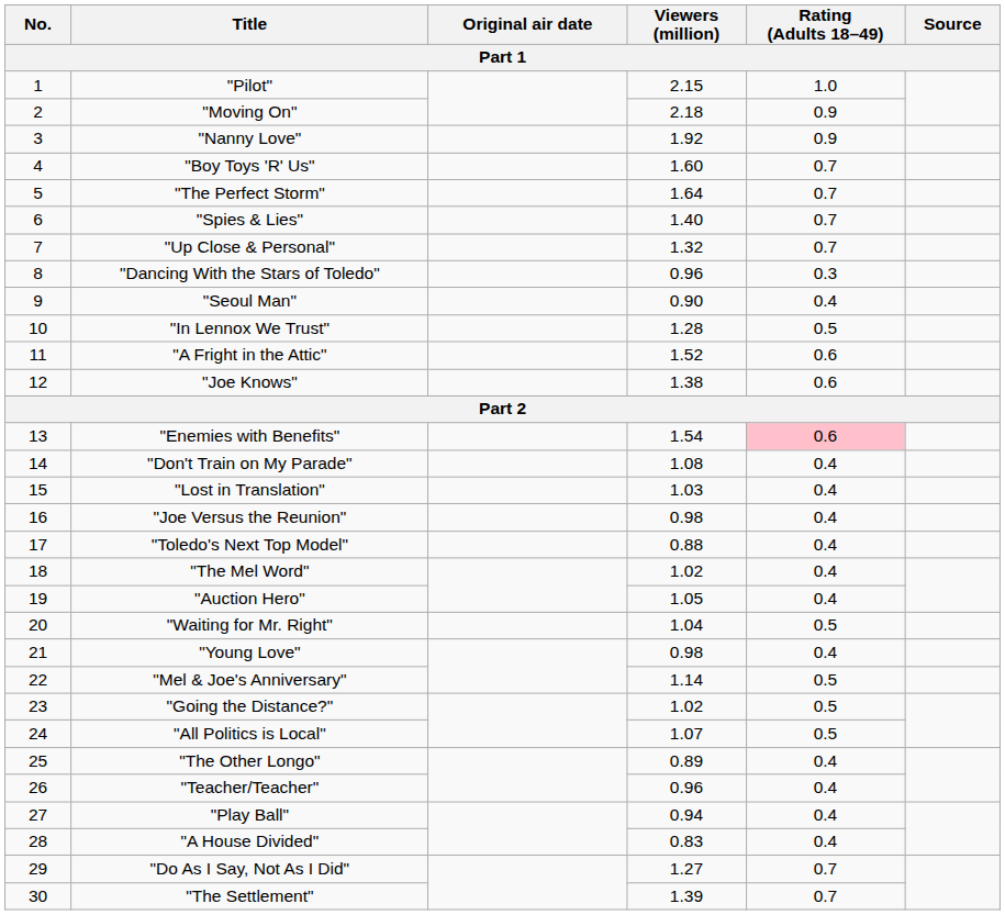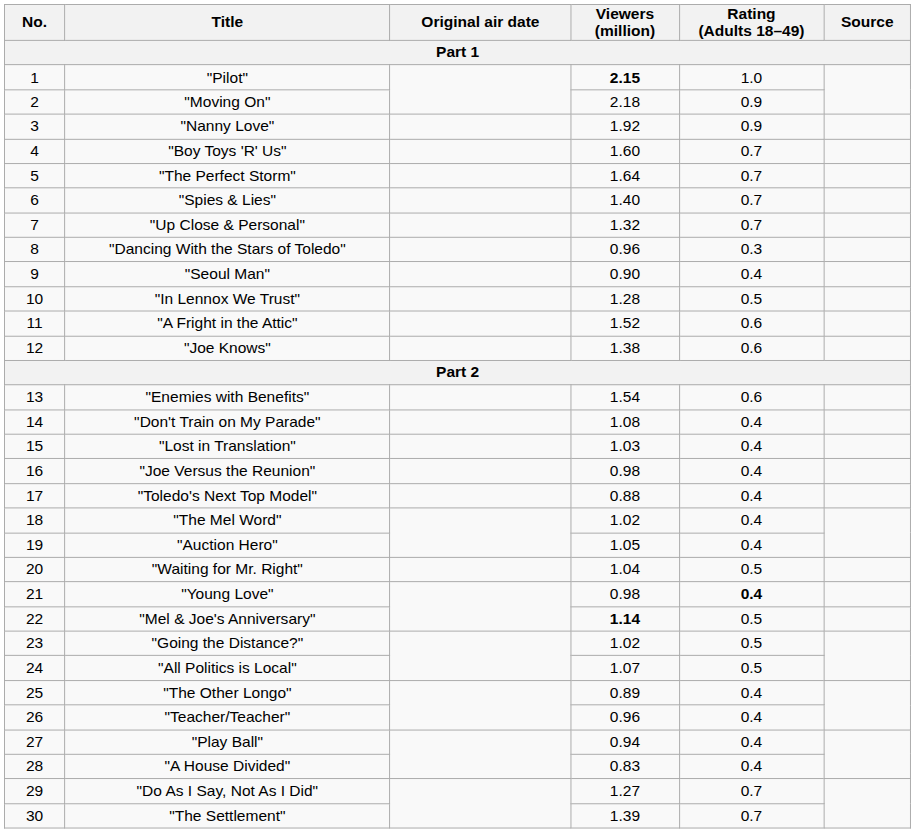 <table class="wikitable plainrowheaders" style="text-align:center; width:74%;">
 <tr>
 <th scope="col" style="padding:0 8px; width:5%;">No.</th>
 <th scope="col" style="padding:0 8px; width:27%;">Title</th>
 <th scope="col" style="padding:0 8px; width:15%;">Original air date</th>
 <th scope="col" style="padding:0 8px; width:9%;">Viewers<br>(million)</th>
 <th scope="col" style="padding:0 8px; width:12%;">Rating<br>(Adults 18–49)</th>
 <th scope="col" style="padding:0 8px; width:6%;">Source</th>
 </tr>
 <tr>
 <th scope="col" colspan="6">Part 1</th>
 </tr>
 <tr>
 <td scope="row">1</td>
 <td>"Pilot"</td>
 <td rowspan="2"></td>
-<td>2.15 </td>
+<td><strong>2.15 </strong></td>
 <td>1.0 </td>
 <td rowspan="2"></td>
 </tr>
 <tr>
 <td scope="row">2</td>
 <td>"Moving On"</td>
 <td>2.18 </td>
 <td>0.9 </td>
 </tr>
 <tr>
 <td scope="row">3</td>
 <td>"Nanny Love"</td>
 <td></td>
 <td>1.92 </td>
 <td>0.9 </td>
 <td></td>
 </tr>
 <tr>
 <td scope="row">4</td>
 <td>"Boy Toys 'R' Us"</td>
 <td></td>
 <td>1.60 </td>
 <td>0.7 </td>
 <td></td>
 </tr>
 <tr>
 <td scope="row">5</td>
 <td>"The Perfect Storm"</td>
 <td></td>
 <td>1.64 </td>
 <td>0.7 </td>
 <td></td>
 </tr>
 <tr>
 <td scope="row">6</td>
 <td>"Spies & Lies"</td>
 <td></td>
 <td>1.40 </td>
 <td>0.7 </td>
 <td></td>
 </tr>
 <tr>
 <td scope="row">7</td>
 <td>"Up Close & Personal"</td>
 <td></td>
 <td>1.32 </td>
 <td>0.7 </td>
 <td></td>
 </tr>
 <tr>
 <td scope="row">8</td>
 <td>"Dancing With the Stars of Toledo"</td>
 <td></td>
 <td>0.96 </td>
 <td>0.3 </td>
 <td></td>
 </tr>
 <tr>
 <td scope="row">9</td>
 <td>"Seoul Man"</td>
 <td></td>
 <td>0.90 </td>
 <td>0.4 </td>
 <td></td>
 </tr>
 <tr>
 <td scope="row">10</td>
 <td>"In Lennox We Trust"</td>
 <td></td>
 <td>1.28 </td>
 <td>0.5 </td>
 <td></td>
 </tr>
 <tr>
 <td scope="row">11</td>
 <td>"A Fright in the Attic"</td>
 <td></td>
 <td>1.52 </td>
 <td>0.6 </td>
 <td></td>
 </tr>
 <tr>
 <td scope="row">12</td>
 <td>"Joe Knows"</td>
 <td></td>
 <td>1.38 </td>
 <td>0.6 </td>
 <td></td>
 </tr>
 <tr>
 <th scope="col" colspan="6">Part 2</th>
 </tr>
 <tr>
 <td scope="row">13</td>
 <td>"Enemies with Benefits"</td>
 <td></td>
 <td>1.54 </td>
-<td style="background: pink;">0.6 </td>
+<td>0.6 </td>
 <td></td>
 </tr>
 <tr>
 <td scope="row">14</td>
 <td>"Don't Train on My Parade"</td>
 <td></td>
 <td>1.08 </td>
 <td>0.4 </td>
 <td></td>
 </tr>
 <tr>
 <td scope="row">15</td>
 <td>"Lost in Translation"</td>
 <td></td>
 <td>1.03 </td>
 <td>0.4 </td>
 <td></td>
 </tr>
 <tr>
 <td scope="row">16</td>
 <td>"Joe Versus the Reunion"</td>
 <td></td>
 <td>0.98 </td>
 <td>0.4 </td>
 <td></td>
 </tr>
 <tr>
 <td scope="row">17</td>
 <td>"Toledo's Next Top Model"</td>
 <td></td>
 <td>0.88 </td>
 <td>0.4 </td>
 <td></td>
 </tr>
 <tr>
 <td scope="row">18</td>
 <td>"The Mel Word"</td>
 <td rowspan="2"></td>
 <td>1.02 </td>
 <td>0.4 </td>
 <td rowspan="2"></td>
 </tr>
 <tr>
 <td scope="row">19</td>
 <td>"Auction Hero"</td>
 <td>1.05 </td>
 <td>0.4 </td>
 </tr>
 <tr>
 <td scope="row">20</td>
 <td>"Waiting for Mr. Right"</td>
 <td></td>
 <td>1.04 </td>
 <td>0.5 </td>
 <td></td>
 </tr>
 <tr>
 <td scope="row">21</td>
 <td>"Young Love"</td>
 <td rowspan="2"></td>
 <td>0.98 </td>
-<td>0.4 </td>
+<td><strong>0.4 </strong></td>
 <td></td>
 </tr>
 <tr>
 <td scope="row">22</td>
 <td>"Mel & Joe's Anniversary"</td>
-<td>1.14 </td>
+<td><strong>1.14 </strong></td>
 <td>0.5 </td>
 <td></td>
 </tr>
 <tr>
 <td scope="row">23</td>
 <td>"Going the Distance?"</td>
 <td rowspan="2"></td>
 <td>1.02 </td>
 <td>0.5 </td>
 <td rowspan="2"></td>
 </tr>
 <tr>
 <td scope="row">24</td>
 <td>"All Politics is Local"</td>
 <td>1.07 </td>
 <td>0.5 </td>
 </tr>
 <tr>
 <td scope="row">25</td>
 <td>"The Other Longo"</td>
 <td rowspan="2"></td>
 <td>0.89 </td>
 <td>0.4 </td>
 <td rowspan="2"></td>
 </tr>
 <tr>
 <td scope="row">26</td>
 <td>"Teacher/Teacher"</td>
 <td>0.96 </td>
 <td>0.4 </td>
 </tr>
 <tr>
 <td scope="row">27</td>
 <td>"Play Ball"</td>
 <td rowspan="2"></td>
 <td>0.94 </td>
 <td>0.4 </td>
 <td rowspan="2"></td>
 </tr>
 <tr>
 <td scope="row">28</td>
 <td>"A House Divided"</td>
 <td>0.83 </td>
 <td>0.4 </td>
 </tr>
 <tr>
 <td scope="row">29</td>
 <td>"Do As I Say, Not As I Did"</td>
 <td rowspan="2"></td>
 <td>1.27 </td>
 <td>0.7 </td>
 <td rowspan="2"></td>
 </tr>
 <tr>
 <td scope="row">30</td>
 <td>"The Settlement"</td>
 <td>1.39 </td>
 <td>0.7 </td>
 </tr>
 </table>
